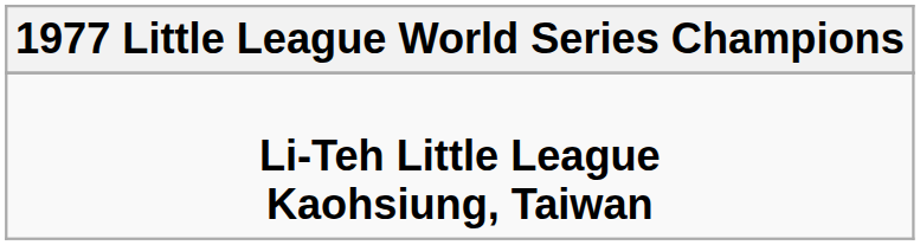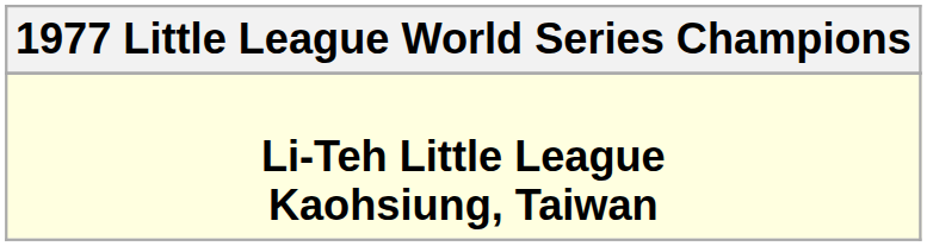 <table class="wikitable" style="text-align: center; margin: 0 auto;">
 <tr>
 <th>1977 Little League World Series Champions</th>
 </tr>
 <tr>
 </tr>
 <tr>
-<td><br><strong>Li-Teh Little League</strong><br><strong>Kaohsiung, Taiwan</strong></td>
+<td style="background: lightyellow;"><br><strong>Li-Teh Little League</strong><br><strong>Kaohsiung, Taiwan</strong></td>
 </tr>
 </table>
